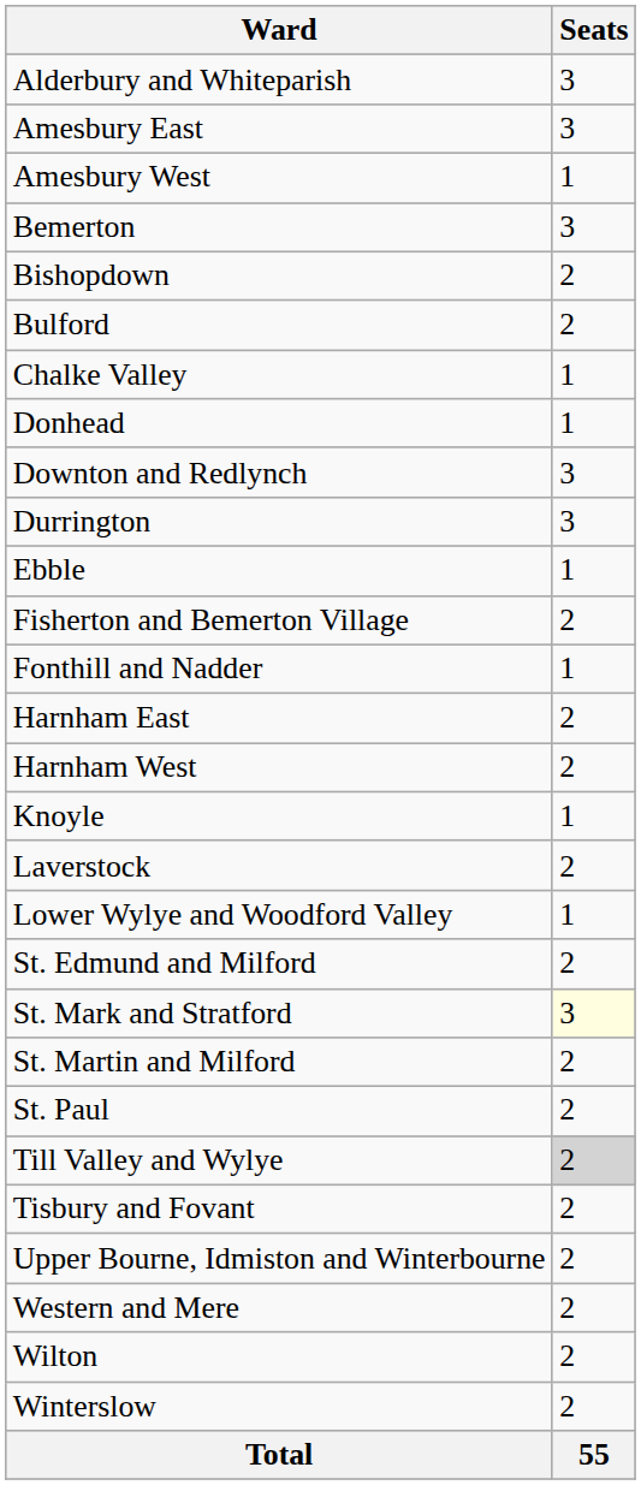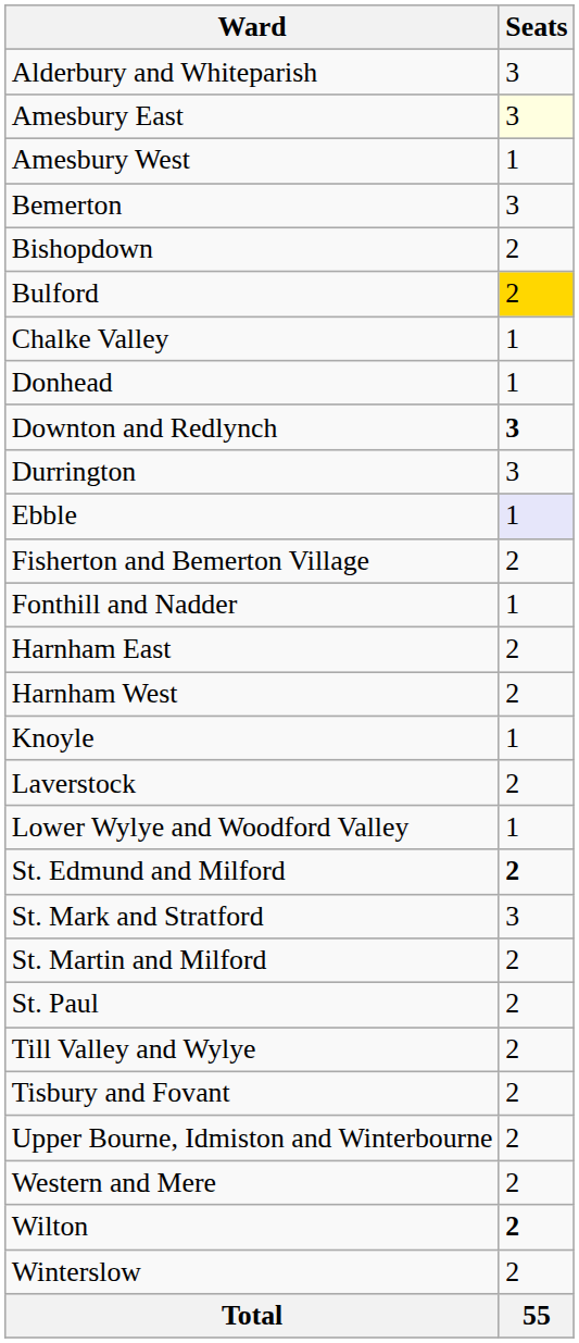 <table class="wikitable mw-collapsible mw-collapsed">
 <tr>
 <th>Ward</th>
 <th>Seats</th>
 </tr>
 <tr>
 <td>Alderbury and Whiteparish</td>
 <td>3</td>
 </tr>
 <tr>
 <td>Amesbury East</td>
-<td>3</td>
+<td style="background: lightyellow;">3</td>
 </tr>
 <tr>
 <td>Amesbury West</td>
 <td>1</td>
 </tr>
 <tr>
 <td>Bemerton</td>
 <td>3</td>
 </tr>
 <tr>
 <td>Bishopdown</td>
 <td>2</td>
 </tr>
 <tr>
 <td>Bulford</td>
-<td>2</td>
+<td style="background: gold;">2</td>
 </tr>
 <tr>
 <td>Chalke Valley</td>
 <td>1</td>
 </tr>
 <tr>
 <td>Donhead</td>
 <td>1</td>
 </tr>
 <tr>
 <td>Downton and Redlynch</td>
-<td>3</td>
+<td><strong>3</strong></td>
 </tr>
 <tr>
 <td>Durrington</td>
 <td>3</td>
 </tr>
 <tr>
 <td>Ebble</td>
-<td>1</td>
+<td style="background: lavender;">1</td>
 </tr>
 <tr>
 <td>Fisherton and Bemerton Village</td>
 <td>2</td>
 </tr>
 <tr>
 <td>Fonthill and Nadder</td>
 <td>1</td>
 </tr>
 <tr>
 <td>Harnham East</td>
 <td>2</td>
 </tr>
 <tr>
 <td>Harnham West</td>
 <td>2</td>
 </tr>
 <tr>
 <td>Knoyle</td>
 <td>1</td>
 </tr>
 <tr>
 <td>Laverstock</td>
 <td>2</td>
 </tr>
 <tr>
 <td>Lower Wylye and Woodford Valley</td>
 <td>1</td>
 </tr>
 <tr>
 <td>St. Edmund and Milford</td>
-<td>2</td>
+<td><strong>2</strong></td>
 </tr>
 <tr>
 <td>St. Mark and Stratford</td>
-<td style="background: lightyellow;">3</td>
+<td>3</td>
 </tr>
 <tr>
 <td>St. Martin and Milford</td>
 <td>2</td>
 </tr>
 <tr>
 <td>St. Paul</td>
 <td>2</td>
 </tr>
 <tr>
 <td>Till Valley and Wylye</td>
-<td style="background: lightgrey;">2</td>
+<td>2</td>
 </tr>
 <tr>
 <td>Tisbury and Fovant</td>
 <td>2</td>
 </tr>
 <tr>
 <td>Upper Bourne, Idmiston and Winterbourne</td>
 <td>2</td>
 </tr>
 <tr>
 <td>Western and Mere</td>
 <td>2</td>
 </tr>
 <tr>
 <td>Wilton</td>
-<td>2</td>
+<td><strong>2</strong></td>
 </tr>
 <tr>
 <td>Winterslow</td>
 <td>2</td>
 </tr>
 <tr>
 <th>Total</th>
 <th>55</th>
 </tr>
 </table>
